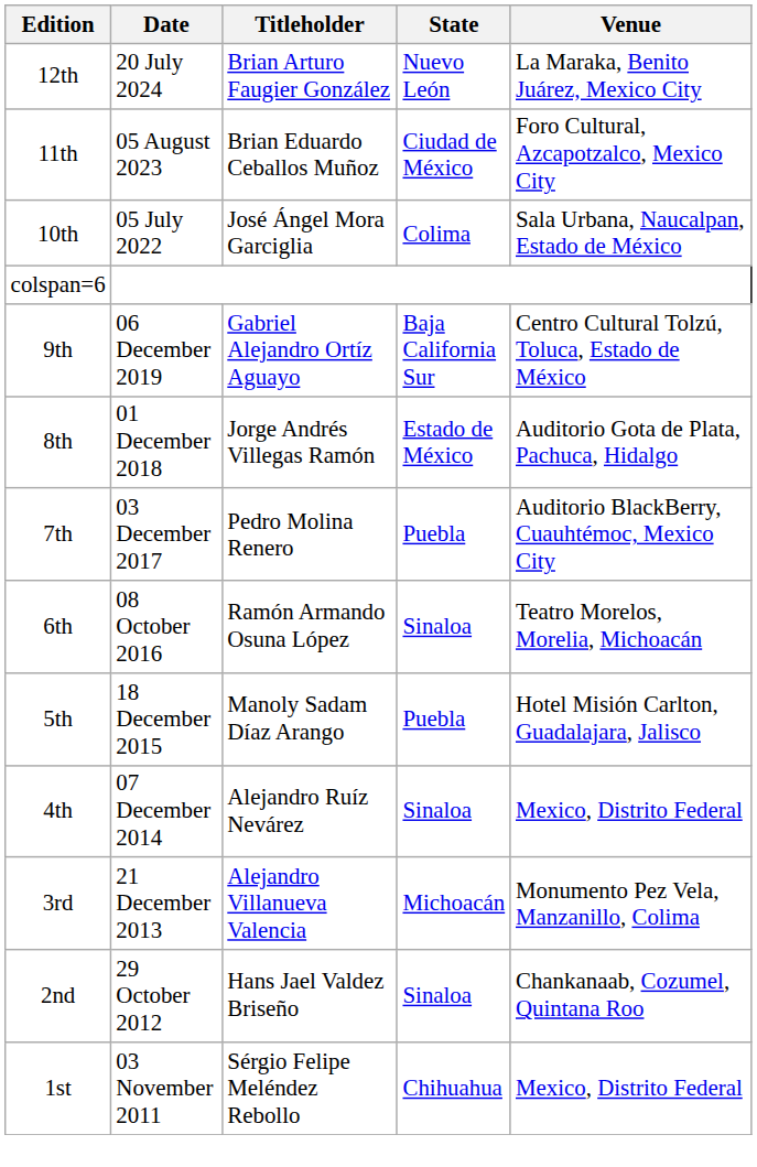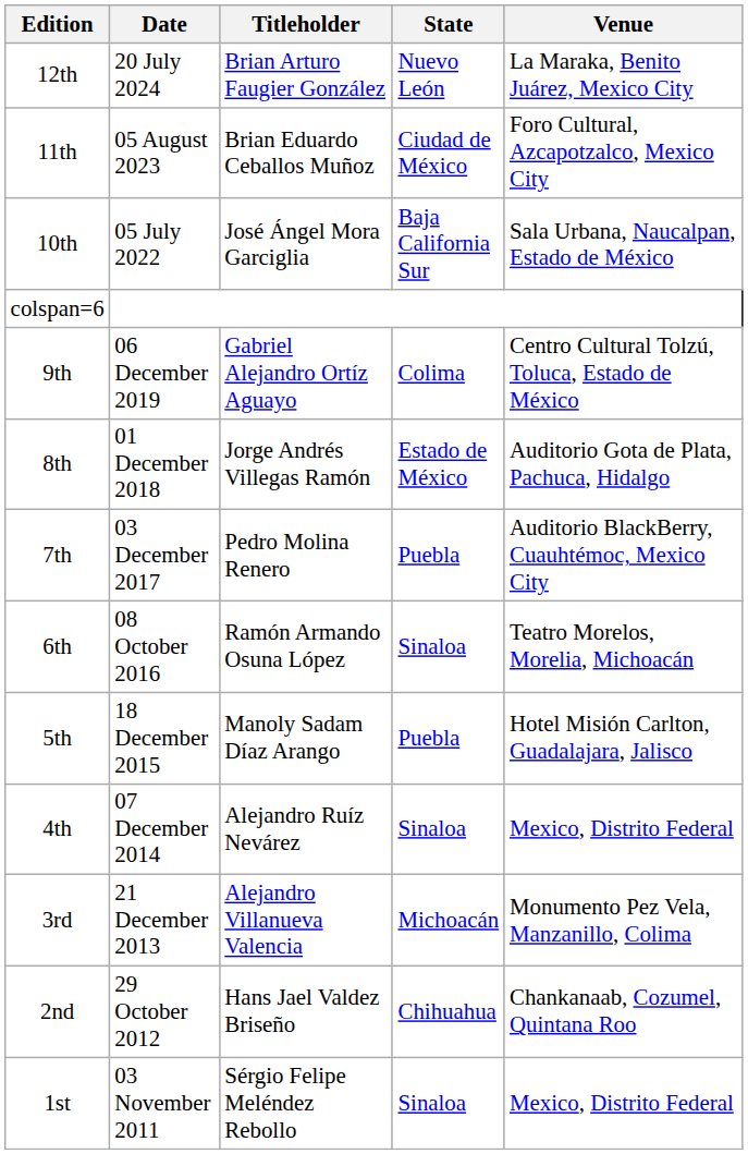 <table class="wikitable" style="margin: 0 1em 0 0; background: white; border: 1px solid; border-collapse: collapse; font-size: 90%; width:75%">
 <tr bgcolor="#EAEAEA">
 <th width=10%>Edition</th>
 <th width=15%>Date</th>
 <th width=25%>Titleholder</th>
 <th width=15%>State</th>
 <th width=35%>Venue</th>
 </tr>
 <tr>
 <td align="center">12th</td>
 <td>20 July 2024</td>
 <td><a href='#'>Brian Arturo Faugier González</a></td>
 <td><a href='#'>Nuevo León</a></td>
 <td>La Maraka, <a href='#'>Benito Juárez, Mexico City</a></td>
 </tr>
 <tr>
 <td align="center">11th</td>
 <td>05 August 2023</td>
 <td>Brian Eduardo Ceballos Muñoz</td>
 <td><a href='#'>Ciudad de México</a></td>
 <td>Foro Cultural, <a href='#'>Azcapotzalco</a>, <a href='#'>Mexico City</a></td>
 </tr>
 <tr>
 <td align="center">10th</td>
 <td>05 July 2022</td>
 <td>José Ángel Mora Garciglia</td>
-<td><a href='#'>Colima</a></td>
+<td><a href='#'>Baja California Sur</a></td>
 <td>Sala Urbana, <a href='#'>Naucalpan</a>, <a href='#'>Estado de México</a></td>
 </tr>
 <tr>
 <td>colspan=6 </td>
 </tr>
 <tr>
 <td align="center">9th</td>
 <td>06 December 2019</td>
 <td><a href='#'>Gabriel Alejandro Ortíz Aguayo</a></td>
-<td><a href='#'>Baja California Sur</a></td>
+<td><a href='#'>Colima</a></td>
 <td>Centro Cultural Tolzú, <a href='#'>Toluca</a>, <a href='#'>Estado de México</a></td>
 </tr>
 <tr>
 <td align="center">8th</td>
 <td>01 December 2018</td>
 <td>Jorge Andrés Villegas Ramón</td>
 <td><a href='#'>Estado de México</a></td>
 <td>Auditorio Gota de Plata, <a href='#'>Pachuca</a>, <a href='#'>Hidalgo</a></td>
 </tr>
 <tr>
 <td align="center">7th</td>
 <td>03 December 2017</td>
 <td>Pedro Molina Renero</td>
 <td><a href='#'>Puebla</a></td>
 <td>Auditorio BlackBerry, <a href='#'>Cuauhtémoc, Mexico City</a></td>
 </tr>
 <tr>
 <td align="center">6th</td>
 <td>08 October 2016</td>
 <td>Ramón Armando Osuna López</td>
 <td><a href='#'>Sinaloa</a></td>
 <td>Teatro Morelos, <a href='#'>Morelia</a>, <a href='#'>Michoacán</a></td>
 </tr>
 <tr>
 <td align="center">5th</td>
 <td>18 December 2015</td>
 <td>Manoly Sadam Díaz Arango</td>
 <td><a href='#'>Puebla</a></td>
 <td>Hotel Misión Carlton, <a href='#'>Guadalajara</a>, <a href='#'>Jalisco</a></td>
 </tr>
 <tr>
 <td align="center">4th</td>
 <td>07 December 2014</td>
 <td>Alejandro Ruíz Nevárez</td>
 <td><a href='#'>Sinaloa</a></td>
 <td><a href='#'>Mexico</a>, <a href='#'>Distrito Federal</a></td>
 </tr>
 <tr>
 <td align="center">3rd</td>
 <td>21 December 2013</td>
 <td><a href='#'>Alejandro Villanueva Valencia</a></td>
 <td><a href='#'>Michoacán</a></td>
 <td>Monumento Pez Vela, <a href='#'>Manzanillo</a>, <a href='#'>Colima</a></td>
 </tr>
 <tr>
 <td align="center">2nd</td>
 <td>29 October 2012</td>
 <td>Hans Jael Valdez Briseño</td>
-<td><a href='#'>Sinaloa</a></td>
+<td><a href='#'>Chihuahua</a></td>
 <td>Chankanaab, <a href='#'>Cozumel</a>, <a href='#'>Quintana Roo</a></td>
 </tr>
 <tr>
 <td align="center">1st</td>
 <td>03 November 2011</td>
 <td>Sérgio Felipe Meléndez Rebollo</td>
-<td><a href='#'>Chihuahua</a></td>
+<td><a href='#'>Sinaloa</a></td>
 <td><a href='#'>Mexico</a>, <a href='#'>Distrito Federal</a></td>
 </tr>
 </table>
